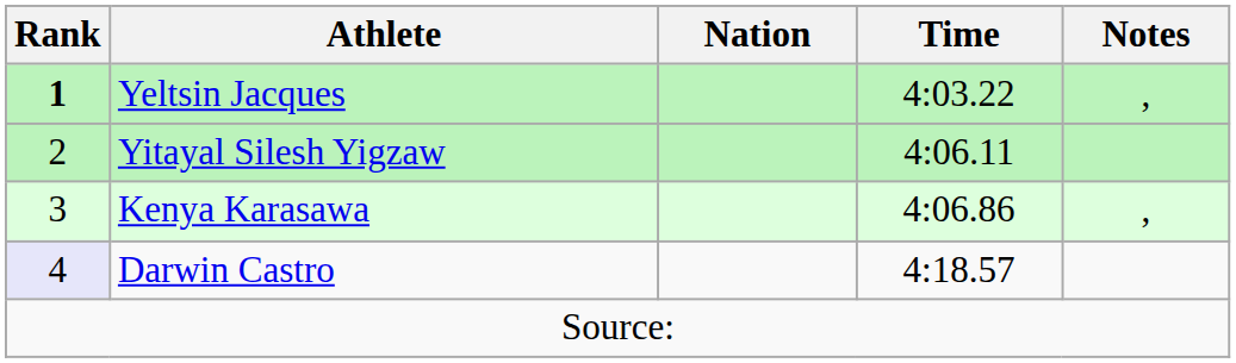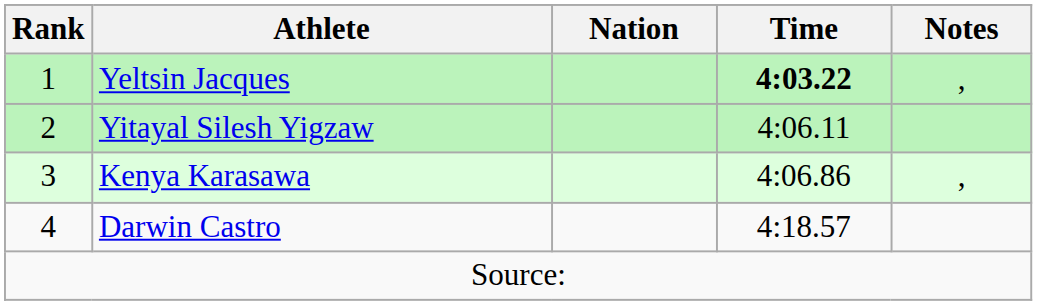 <table class="wikitable sortable" style="text-align:center;width: 60%;">
 <tr>
 <th scope="col" style="width: 10px;">Rank</th>
 <th scope="col">Athlete</th>
 <th scope="col">Nation</th>
 <th scope="col">Time</th>
 <th scope="col">Notes</th>
 </tr>
 <tr bgcolor=bbf3bb>
-<td><strong>1</strong></td>
+<td>1</td>
 <td align=left><a href='#'>Yeltsin Jacques</a><br></td>
 <td align=left></td>
-<td>4:03.22</td>
+<td><strong>4:03.22</strong></td>
 <td>, </td>
 </tr>
 <tr bgcolor=bbf3bb>
 <td>2</td>
 <td align=left><a href='#'>Yitayal Silesh Yigzaw</a><br></td>
 <td align=left></td>
 <td>4:06.11</td>
 <td></td>
 </tr>
 <tr bgcolor=ddffdd>
 <td>3</td>
 <td align=left><a href='#'>Kenya Karasawa</a><br></td>
 <td align=left></td>
 <td>4:06.86</td>
 <td>, </td>
 </tr>
 <tr>
-<td style="background: lavender;">4</td>
+<td>4</td>
 <td align=left><a href='#'>Darwin Castro</a><br></td>
 <td align=left></td>
 <td>4:18.57</td>
 <td></td>
 </tr>
 <tr class="sortbottom">
 <td colspan="5">Source:</td>
 </tr>
 </table>
